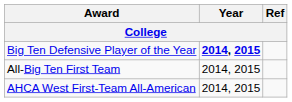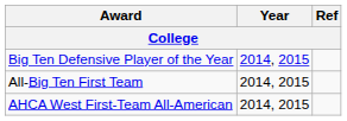 <table class="wikitable">
 <tr>
 <th>Award</th>
 <th>Year</th>
 <th>Ref</th>
 </tr>
 <tr>
 <th colspan="3"><a href='#'>College</a></th>
 </tr>
 <tr>
 <td><a href='#'>Big Ten Defensive Player of the Year</a></td>
-<td><strong><a href='#'>2014</a>, <a href='#'>2015</a></strong></td>
+<td><a href='#'>2014</a>, <a href='#'>2015</a></td>
 <td></td>
 </tr>
 <tr>
 <td>All-<a href='#'>Big Ten First Team</a></td>
 <td>2014, 2015</td>
 <td></td>
 </tr>
 <tr>
 <td><a href='#'>AHCA West First-Team All-American</a></td>
 <td>2014, 2015</td>
 <td></td>
 </tr>
 </table>
